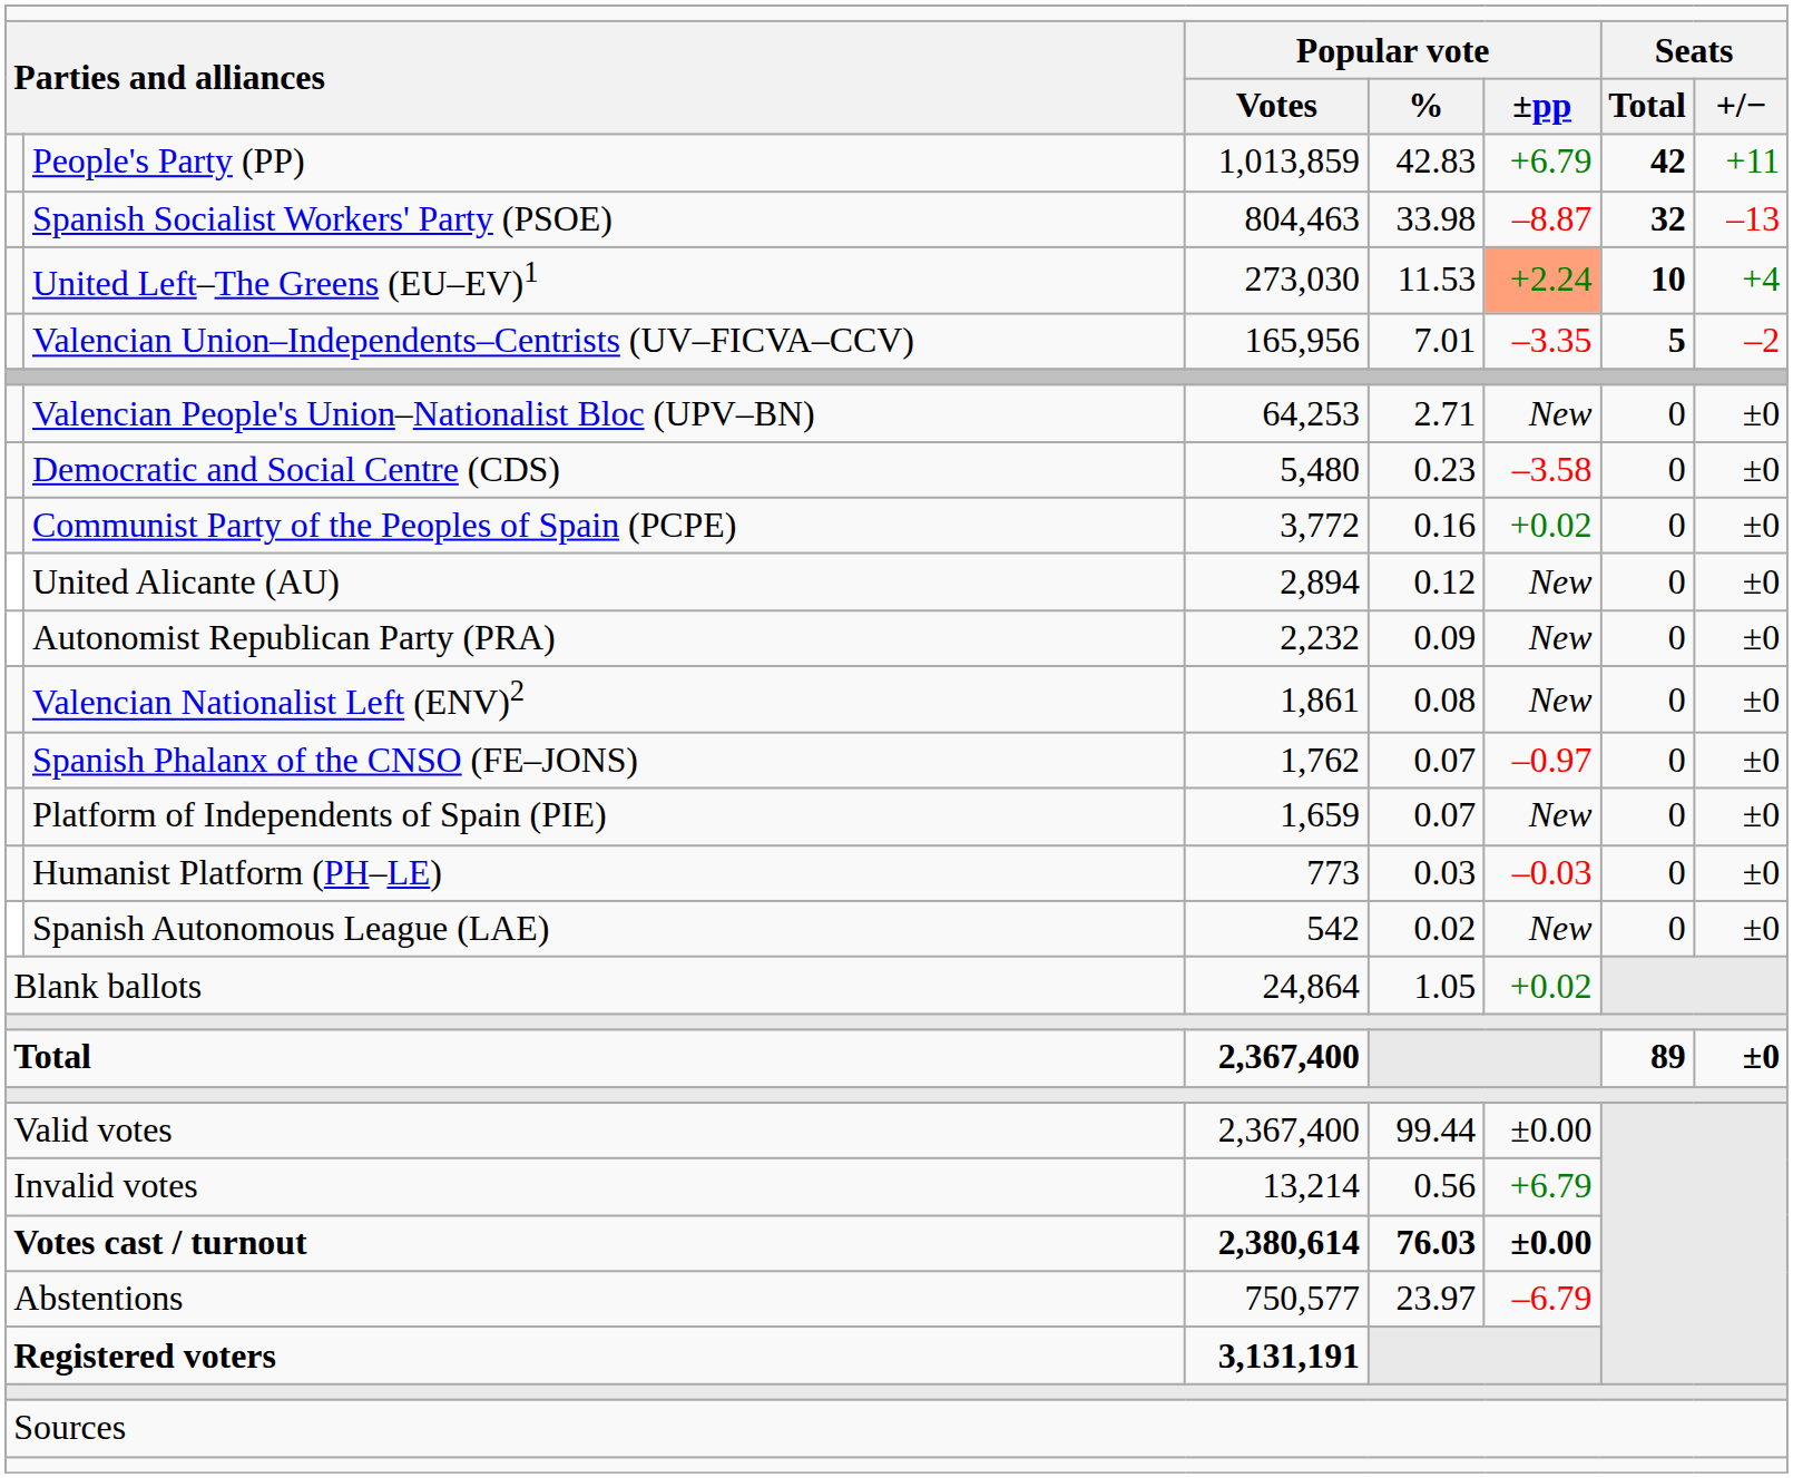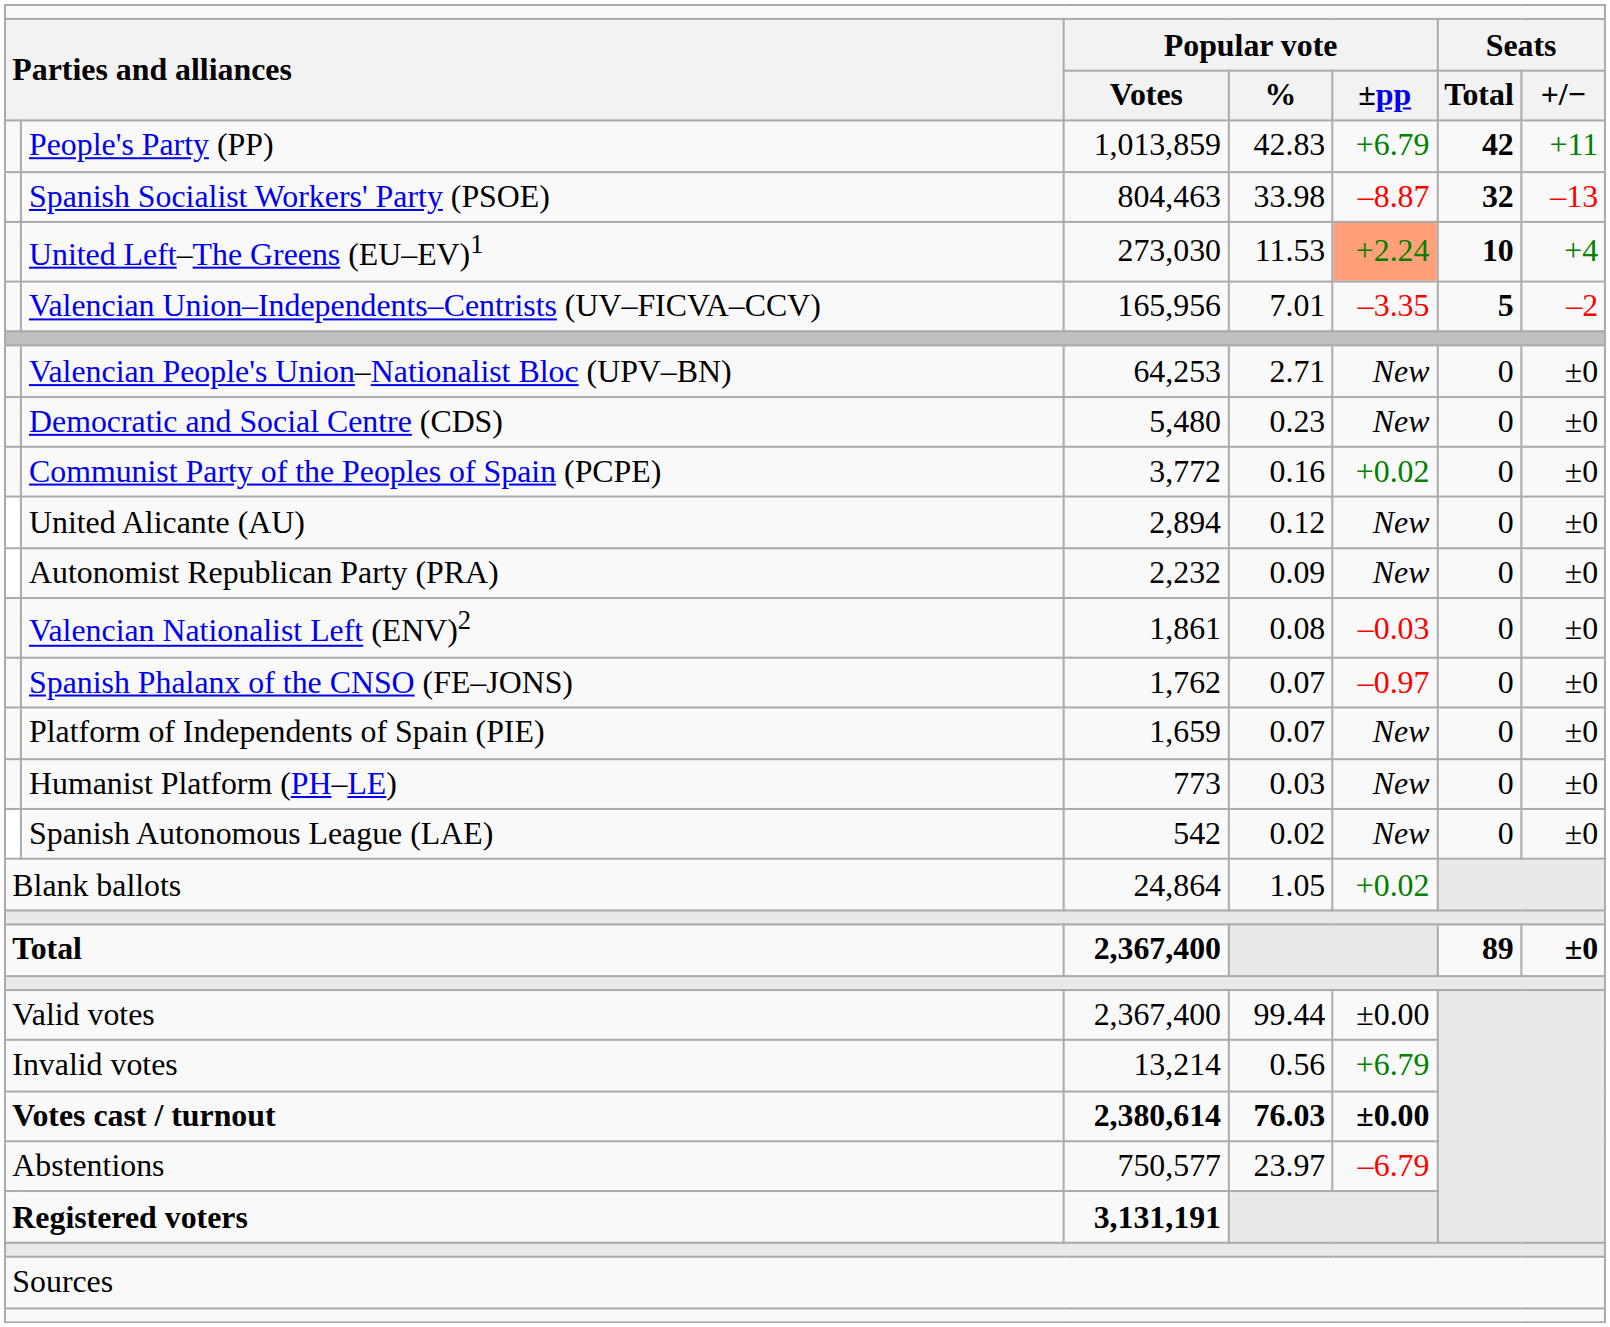 <table class="wikitable" style="text-align:right;">
 <tr>
 <td colspan="7"></td>
 </tr>
 <tr>
 <th style="text-align:left;" rowspan="2" colspan="2" width="525">Parties and alliances</th>
 <th colspan="3">Popular vote</th>
 <th colspan="2">Seats</th>
 </tr>
 <tr>
 <th width="75">Votes</th>
 <th width="45">%</th>
 <th width="45">±<a href='#'>pp</a></th>
 <th width="35">Total</th>
 <th width="35">+/−</th>
 </tr>
 <tr>
 <td width="1" style="color:inherit;background:"></td>
 <td align="left"><a href='#'>People's Party</a> (PP)</td>
 <td>1,013,859</td>
 <td>42.83</td>
 <td style="color:green;">+6.79</td>
 <td><strong>42</strong></td>
 <td style="color:green;">+11</td>
 </tr>
 <tr>
 <td style="color:inherit;background:"></td>
 <td align="left"><a href='#'>Spanish Socialist Workers' Party</a> (PSOE)</td>
 <td>804,463</td>
 <td>33.98</td>
 <td style="color:red;">–8.87</td>
 <td><strong>32</strong></td>
 <td style="color:red;">–13</td>
 </tr>
 <tr>
 <td style="color:inherit;background:"></td>
 <td align="left"><a href='#'>United Left</a>–<a href='#'>The Greens</a> (EU–EV)<sup>1</sup></td>
 <td>273,030</td>
 <td>11.53</td>
 <td style="background: lightsalmon; color:green;">+2.24</td>
 <td><strong>10</strong></td>
 <td style="color:green;">+4</td>
 </tr>
 <tr>
 <td style="color:inherit;background:"></td>
 <td align="left"><a href='#'>Valencian Union–Independents–Centrists</a> (UV–FICVA–CCV)</td>
 <td>165,956</td>
 <td>7.01</td>
 <td style="color:red;">–3.35</td>
 <td><strong>5</strong></td>
 <td style="color:red;">–2</td>
 </tr>
 <tr>
 <td colspan="7" bgcolor="#C0C0C0"></td>
 </tr>
 <tr>
 <td style="color:inherit;background:"></td>
 <td align="left"><a href='#'>Valencian People's Union</a>–<a href='#'>Nationalist Bloc</a> (UPV–BN)</td>
 <td>64,253</td>
 <td>2.71</td>
 <td><em>New</em></td>
 <td>0</td>
 <td>±0</td>
 </tr>
 <tr>
 <td width="1" style="color:inherit;background:"></td>
 <td align="left"><a href='#'>Democratic and Social Centre</a> (CDS)</td>
 <td>5,480</td>
 <td>0.23</td>
-<td style="color:red;">–3.58</td>
+<td><em>New</em></td>
 <td>0</td>
 <td>±0</td>
 </tr>
 <tr>
 <td style="color:inherit;background:"></td>
 <td align="left"><a href='#'>Communist Party of the Peoples of Spain</a> (PCPE)</td>
 <td>3,772</td>
 <td>0.16</td>
 <td style="color:green;">+0.02</td>
 <td>0</td>
 <td>±0</td>
 </tr>
 <tr>
 <td bgcolor="white"></td>
 <td align="left">United Alicante (AU)</td>
 <td>2,894</td>
 <td>0.12</td>
 <td><em>New</em></td>
 <td>0</td>
 <td>±0</td>
 </tr>
 <tr>
 <td bgcolor="white"></td>
 <td align="left">Autonomist Republican Party (PRA)</td>
 <td>2,232</td>
 <td>0.09</td>
 <td><em>New</em></td>
 <td>0</td>
 <td>±0</td>
 </tr>
 <tr>
 <td style="color:inherit;background:"></td>
 <td align="left"><a href='#'>Valencian Nationalist Left</a> (ENV)<sup>2</sup></td>
 <td>1,861</td>
 <td>0.08</td>
-<td><em>New</em></td>
+<td style="color:red;">–0.03</td>
 <td>0</td>
 <td>±0</td>
 </tr>
 <tr>
 <td style="color:inherit;background:"></td>
 <td align="left"><a href='#'>Spanish Phalanx of the CNSO</a> (FE–JONS)</td>
 <td>1,762</td>
 <td>0.07</td>
 <td style="color:red;">–0.97</td>
 <td>0</td>
 <td>±0</td>
 </tr>
 <tr>
 <td style="color:inherit;background:"></td>
 <td align="left">Platform of Independents of Spain (PIE)</td>
 <td>1,659</td>
 <td>0.07</td>
 <td><em>New</em></td>
 <td>0</td>
 <td>±0</td>
 </tr>
 <tr>
 <td style="color:inherit;background:"></td>
 <td align="left">Humanist Platform (<a href='#'>PH</a>–<a href='#'>LE</a>)</td>
 <td>773</td>
 <td>0.03</td>
-<td style="color:red;">–0.03</td>
+<td><em>New</em></td>
 <td>0</td>
 <td>±0</td>
 </tr>
 <tr>
 <td bgcolor="white"></td>
 <td align="left">Spanish Autonomous League (LAE)</td>
 <td>542</td>
 <td>0.02</td>
 <td><em>New</em></td>
 <td>0</td>
 <td>±0</td>
 </tr>
 <tr>
 <td align="left" colspan="2">Blank ballots</td>
 <td>24,864</td>
 <td>1.05</td>
 <td style="color:green;">+0.02</td>
 <td bgcolor="#E9E9E9" colspan="2"></td>
 </tr>
 <tr>
 <td colspan="7" bgcolor="#E9E9E9"></td>
 </tr>
 <tr style="font-weight:bold;">
 <td align="left" colspan="2">Total</td>
 <td>2,367,400</td>
 <td bgcolor="#E9E9E9" colspan="2"></td>
 <td>89</td>
 <td>±0</td>
 </tr>
 <tr>
 <td colspan="7" bgcolor="#E9E9E9"></td>
 </tr>
 <tr>
 <td align="left" colspan="2">Valid votes</td>
 <td>2,367,400</td>
 <td>99.44</td>
 <td>±0.00</td>
 <td bgcolor="#E9E9E9" colspan="2" rowspan="5"></td>
 </tr>
 <tr>
 <td align="left" colspan="2">Invalid votes</td>
 <td>13,214</td>
 <td>0.56</td>
 <td style="color:green;">+6.79</td>
 </tr>
 <tr style="font-weight:bold;">
 <td align="left" colspan="2">Votes cast / turnout</td>
 <td>2,380,614</td>
 <td>76.03</td>
 <td>±0.00</td>
 </tr>
 <tr>
 <td align="left" colspan="2">Abstentions</td>
 <td>750,577</td>
 <td>23.97</td>
 <td style="color:red;">–6.79</td>
 </tr>
 <tr style="font-weight:bold;">
 <td align="left" colspan="2">Registered voters</td>
 <td>3,131,191</td>
 <td bgcolor="#E9E9E9" colspan="2"></td>
 </tr>
 <tr>
 <td colspan="7" bgcolor="#E9E9E9"></td>
 </tr>
 <tr>
 <td align="left" colspan="7">Sources</td>
 </tr>
 <tr>
 <td colspan="7" style="text-align:left; max-width:790px;"></td>
 </tr>
 </table>
